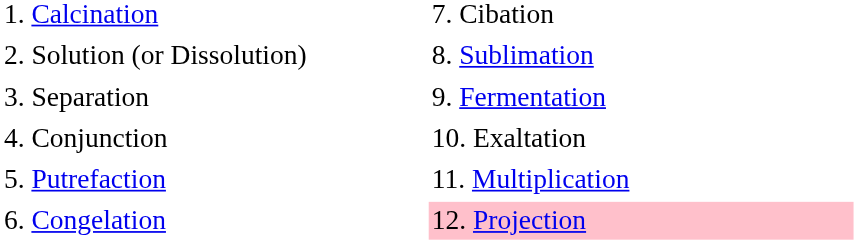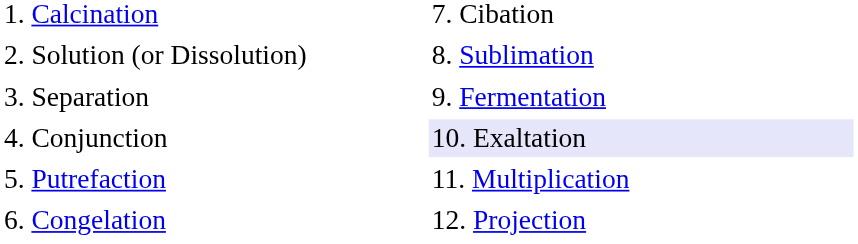 <table cellpadding="2" style="width: 500px; border: 0px;">
 <tr>
 <td width="250px">1. <a href='#'>Calcination</a></td>
 <td width="250px">7. Cibation</td>
 </tr>
 <tr>
 <td>2. Solution (or Dissolution)</td>
 <td>8. <a href='#'>Sublimation</a></td>
 </tr>
 <tr>
 <td>3. Separation</td>
 <td>9. <a href='#'>Fermentation</a></td>
 </tr>
 <tr>
 <td>4. Conjunction</td>
-<td>10. Exaltation</td>
+<td style="background: lavender;">10. Exaltation</td>
 </tr>
 <tr>
 <td>5. <a href='#'>Putrefaction</a></td>
 <td>11. <a href='#'>Multiplication</a></td>
 </tr>
 <tr>
 <td>6. <a href='#'>Congelation</a></td>
-<td style="background: pink;">12. <a href='#'>Projection</a></td>
+<td>12. <a href='#'>Projection</a></td>
 </tr>
 </table>
